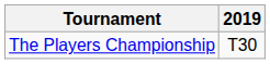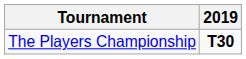 <table class="wikitable" style="font-size:95%;text-align:center;">
 <tr>
 <th>Tournament</th>
 <th>2019</th>
 </tr>
 <tr>
 <td align=left><a href='#'>The Players Championship</a></td>
-<td>T30</td>
+<td><strong>T30</strong></td>
 </tr>
 </table>
